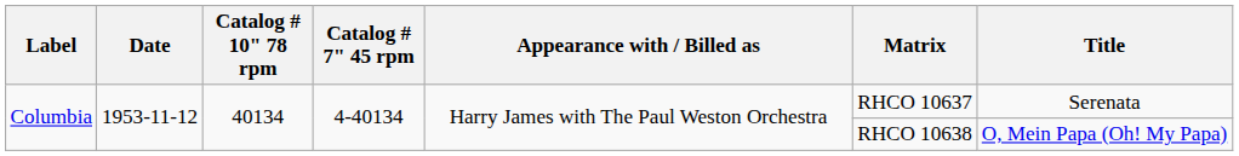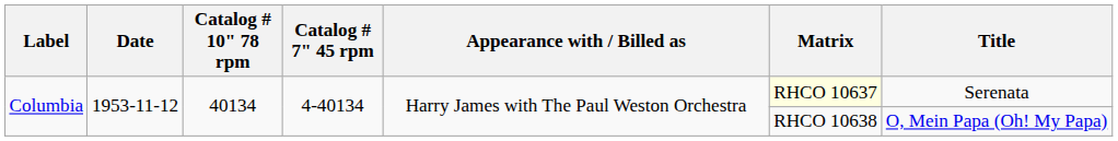 <table class="wikitable sortable" style="text-align:center;">
 <tr>
 <th style="width: 50px; ">Label</th>
 <th>Date</th>
 <th style="width: 78px; ">Catalog #<br>10" 78 rpm</th>
 <th style="width: 78px; ">Catalog #<br>7" 45 rpm</th>
 <th style="width: 323px; ">Appearance with / Billed as</th>
 <th>Matrix</th>
 <th>Title</th>
 </tr>
 <tr>
 <td rowspan="2"><a href='#'>Columbia</a></td>
 <td rowspan="2">1953-11-12</td>
 <td rowspan="2">40134</td>
 <td rowspan="2">4-40134</td>
 <td rowspan="2">Harry James with The Paul Weston Orchestra</td>
-<td>RHCO 10637</td>
+<td style="background: lightyellow;">RHCO 10637</td>
 <td>Serenata</td>
 </tr>
 <tr>
 <td>RHCO 10638</td>
 <td><a href='#'>O, Mein Papa (Oh! My Papa)</a></td>
 </tr>
 </table>
